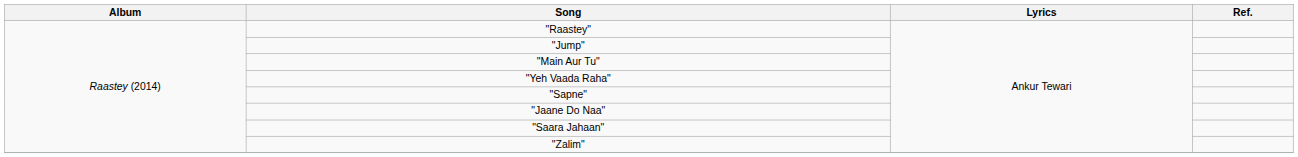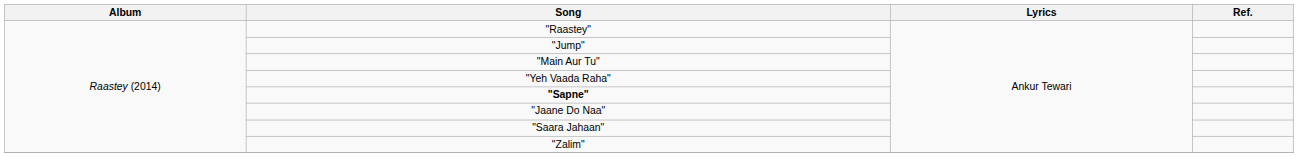 <table class="wikitable" width="100%" style="text-align:center; background:""; textcolor:#000;">
 <tr>
 <th width=12%><strong>Album</strong></th>
 <th width=32%><strong>Song</strong></th>
 <th width=15%><strong>Lyrics</strong></th>
 <th width=5%><strong>Ref.</strong></th>
 </tr>
 <tr>
 <td rowspan="8"><em>Raastey</em> (2014)</td>
 <td>"Raastey"</td>
 <td rowspan="8">Ankur Tewari</td>
 <td></td>
 </tr>
 <tr>
 <td>"Jump"</td>
 <td></td>
 </tr>
 <tr>
 <td>"Main Aur Tu"</td>
 <td></td>
 </tr>
 <tr>
 <td>"Yeh Vaada Raha"</td>
 <td></td>
 </tr>
 <tr>
-<td>"Sapne"</td>
+<td><strong>"Sapne"</strong></td>
 <td></td>
 </tr>
 <tr>
 <td>"Jaane Do Naa"</td>
 <td></td>
 </tr>
 <tr>
 <td>"Saara Jahaan"</td>
 <td></td>
 </tr>
 <tr>
 <td>"Zalim"</td>
 <td></td>
 </tr>
 <tr>
 </tr>
 </table>
